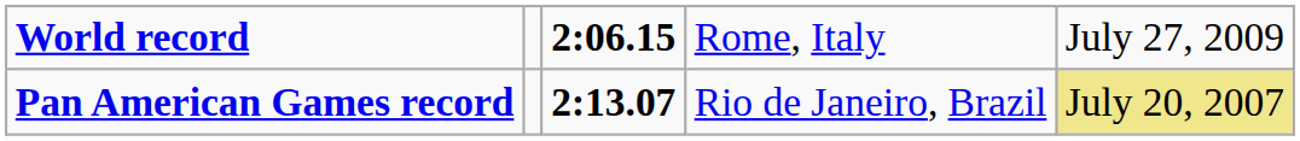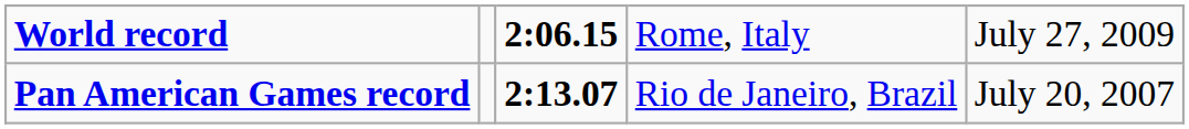 <table class="wikitable">
 <tr>
 <td><strong><a href='#'>World record</a></strong></td>
 <td></td>
 <td><strong>2:06.15</strong></td>
 <td><a href='#'>Rome</a>, <a href='#'>Italy</a></td>
 <td>July 27, 2009</td>
 </tr>
 <tr>
 <td><strong><a href='#'>Pan American Games record</a></strong></td>
 <td></td>
 <td><strong>2:13.07</strong></td>
 <td><a href='#'>Rio de Janeiro</a>, <a href='#'>Brazil</a></td>
-<td style="background: khaki;">July 20, 2007</td>
+<td>July 20, 2007</td>
 </tr>
 </table>
